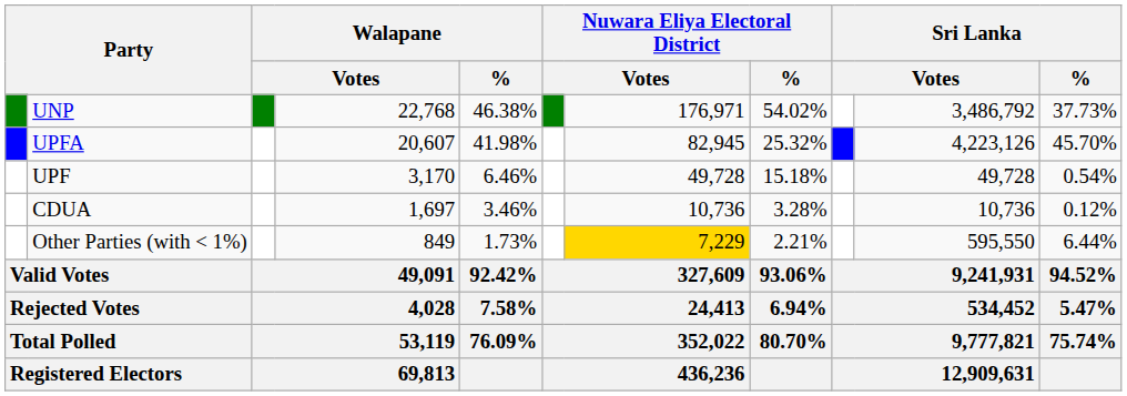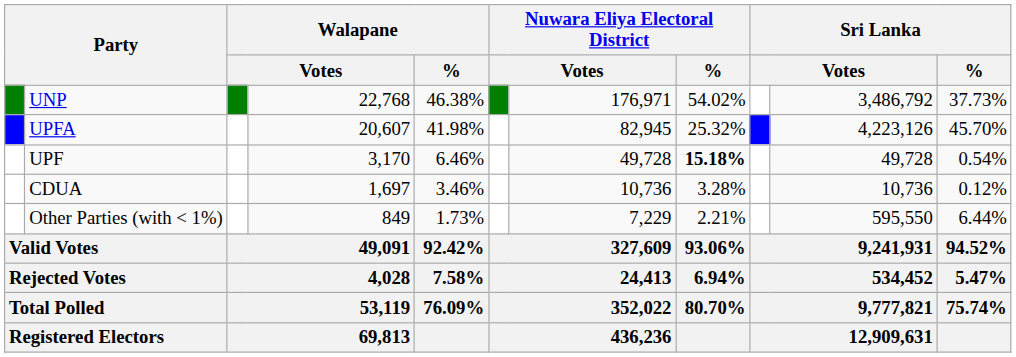 <table class="wikitable">
 <tr>
 <th colspan="2" width="144px"rowspan="2">Party</th>
 <th colspan="3" width="216px">Walapane</th>
 <th colspan="3" width="216px"><a href='#'>Nuwara Eliya Electoral District</a></th>
 <th colspan="3" width="216px">Sri Lanka</th>
 </tr>
 <tr>
 <th colspan="2" width="144px">Votes</th>
 <th>%</th>
 <th colspan="2" width="144px">Votes</th>
 <th>%</th>
 <th colspan="2" width="144px">Votes</th>
 <th>%</th>
 </tr>
 <tr>
 <td style="background-color:green;" width="10px"></td>
 <td style="text-align:left;"><a href='#'>UNP</a></td>
 <td style="background-color:green;" width="10px"></td>
 <td style="text-align:right;">22,768</td>
 <td style="text-align:right;">46.38%</td>
 <td style="background-color:green;" width="10px"></td>
 <td style="text-align:right;">176,971</td>
 <td style="text-align:right;">54.02%</td>
 <td style="background-color:white;" width="10px"></td>
 <td style="text-align:right;">3,486,792</td>
 <td style="text-align:right;">37.73%</td>
 </tr>
 <tr>
 <td style="background-color:blue;" width="10px"></td>
 <td style="text-align:left;"><a href='#'>UPFA</a></td>
 <td style="background-color:white;" width="10px"></td>
 <td style="text-align:right;">20,607</td>
 <td style="text-align:right;">41.98%</td>
 <td style="background-color:white;" width="10px"></td>
 <td style="text-align:right;">82,945</td>
 <td style="text-align:right;">25.32%</td>
 <td style="background-color:blue;" width="10px"></td>
 <td style="text-align:right;">4,223,126</td>
 <td style="text-align:right;">45.70%</td>
 </tr>
 <tr>
 <td style="background-color:white;" width="10px"></td>
 <td style="text-align:left;">UPF</td>
 <td style="background-color:white;" width="10px"></td>
 <td style="text-align:right;">3,170</td>
 <td style="text-align:right;">6.46%</td>
 <td style="background-color:white;" width="10px"></td>
 <td style="text-align:right;">49,728</td>
-<td style="text-align:right;">15.18%</td>
+<td style="text-align:right;"><strong>15.18%</strong></td>
 <td style="background-color:white;" width="10px"></td>
 <td style="text-align:right;">49,728</td>
 <td style="text-align:right;">0.54%</td>
 </tr>
 <tr>
 <td style="background-color:white;" width="10px"></td>
 <td style="text-align:left;">CDUA</td>
 <td style="background-color:white;" width="10px"></td>
 <td style="text-align:right;">1,697</td>
 <td style="text-align:right;">3.46%</td>
 <td style="background-color:white;" width="10px"></td>
 <td style="text-align:right;">10,736</td>
 <td style="text-align:right;">3.28%</td>
 <td style="background-color:white;" width="10px"></td>
 <td style="text-align:right;">10,736</td>
 <td style="text-align:right;">0.12%</td>
 </tr>
 <tr>
 <td style="background-color:white;" width="10px"></td>
 <td style="text-align:left;">Other Parties (with < 1%)</td>
 <td style="background-color:white;" width="10px"></td>
 <td style="text-align:right;">849</td>
 <td style="text-align:right;">1.73%</td>
 <td style="background-color:white;" width="10px"></td>
-<td style="background: gold; text-align:right;">7,229</td>
+<td style="text-align:right;">7,229</td>
 <td style="text-align:right;">2.21%</td>
 <td style="background-color:white;" width="10px"></td>
 <td style="text-align:right;">595,550</td>
 <td style="text-align:right;">6.44%</td>
 </tr>
 <tr>
 <th colspan="2" width="144px"style="text-align:left;">Valid Votes</th>
 <th style="text-align:right;"colspan="2" width="144px">49,091</th>
 <th style="text-align:right;">92.42%</th>
 <th style="text-align:right;"colspan="2" width="144px">327,609</th>
 <th style="text-align:right;">93.06%</th>
 <th style="text-align:right;"colspan="2" width="144px">9,241,931</th>
 <th style="text-align:right;">94.52%</th>
 </tr>
 <tr>
 <th colspan="2" width="144px"style="text-align:left;">Rejected Votes</th>
 <th style="text-align:right;"colspan="2" width="144px">4,028</th>
 <th style="text-align:right;">7.58%</th>
 <th style="text-align:right;"colspan="2" width="144px">24,413</th>
 <th style="text-align:right;">6.94%</th>
 <th style="text-align:right;"colspan="2" width="144px">534,452</th>
 <th style="text-align:right;">5.47%</th>
 </tr>
 <tr>
 <th colspan="2" width="144px"style="text-align:left;">Total Polled</th>
 <th style="text-align:right;"colspan="2" width="144px">53,119</th>
 <th style="text-align:right;">76.09%</th>
 <th style="text-align:right;"colspan="2" width="144px">352,022</th>
 <th style="text-align:right;">80.70%</th>
 <th style="text-align:right;"colspan="2" width="144px">9,777,821</th>
 <th style="text-align:right;">75.74%</th>
 </tr>
 <tr>
 <th colspan="2" width="144px"style="text-align:left;">Registered Electors</th>
 <th style="text-align:right;"colspan="2" width="144px">69,813</th>
 <th></th>
 <th style="text-align:right;"colspan="2" width="144px">436,236</th>
 <th></th>
 <th style="text-align:right;"colspan="2" width="144px">12,909,631</th>
 <th></th>
 </tr>
 </table>
